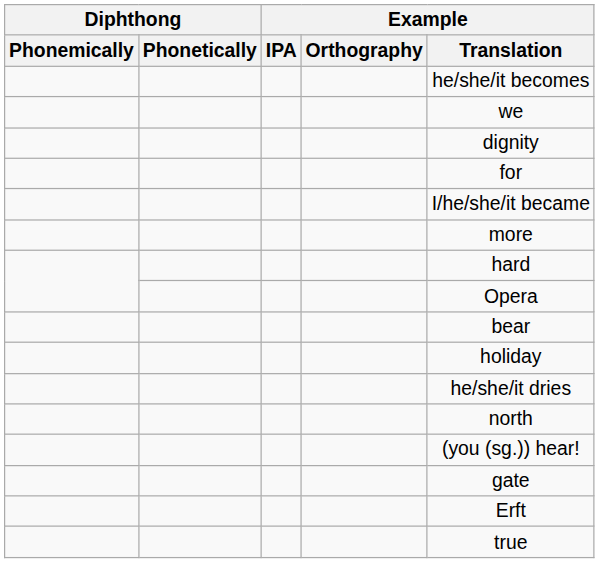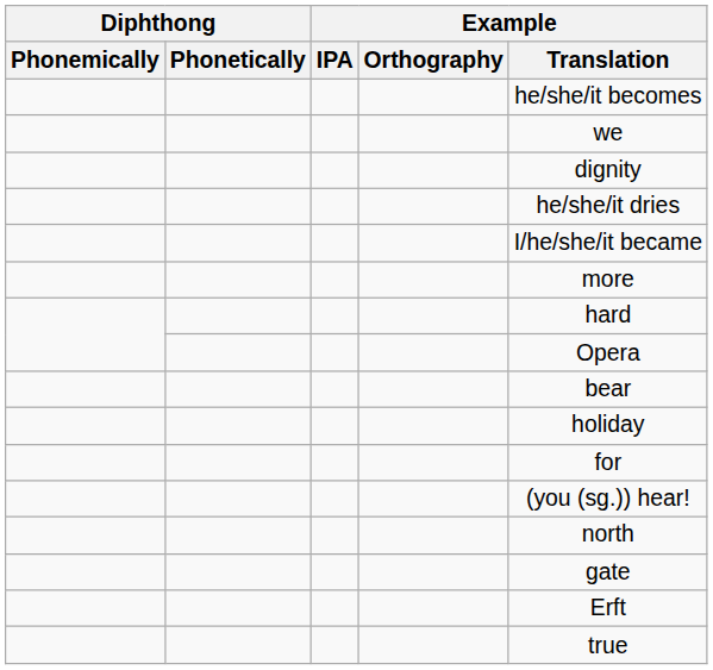 <table class="wikitable" style="text-align: center;">
 <tr>
 <th colspan="2">Diphthong</th>
 <th colspan="3">Example</th>
 </tr>
 <tr>
 <th>Phonemically</th>
 <th>Phonetically</th>
 <th>IPA</th>
 <th>Orthography</th>
 <th>Translation</th>
 </tr>
 <tr>
 <td></td>
 <td></td>
 <td></td>
 <td></td>
 <td>he/she/it becomes</td>
 </tr>
 <tr>
 <td></td>
 <td></td>
 <td></td>
 <td></td>
 <td>we</td>
 </tr>
 <tr>
 <td></td>
 <td></td>
 <td></td>
 <td></td>
 <td>dignity</td>
 </tr>
 <tr>
 <td></td>
 <td></td>
 <td></td>
 <td></td>
-<td>for</td>
+<td>he/she/it dries</td>
 </tr>
 <tr>
 <td></td>
 <td></td>
 <td></td>
 <td></td>
 <td>I/he/she/it became</td>
 </tr>
 <tr>
 <td></td>
 <td></td>
 <td></td>
 <td></td>
 <td>more</td>
 </tr>
 <tr>
 <td rowspan="2"></td>
 <td></td>
 <td></td>
 <td></td>
 <td>hard</td>
 </tr>
 <tr>
 <td></td>
 <td></td>
 <td></td>
 <td>Opera</td>
 </tr>
 <tr>
 <td></td>
 <td></td>
 <td></td>
 <td></td>
 <td>bear</td>
 </tr>
 <tr>
 <td></td>
 <td></td>
 <td></td>
 <td></td>
 <td>holiday</td>
 </tr>
 <tr>
 <td></td>
 <td></td>
 <td></td>
 <td></td>
-<td>he/she/it dries</td>
+<td>for</td>
+</tr>
+<tr>
+<td></td>
+<td></td>
+<td></td>
+<td></td>
+<td>(you (sg.)) hear!</td>
 </tr>
 <tr>
 <td></td>
 <td></td>
 <td></td>
 <td></td>
 <td>north</td>
-</tr>
-<tr>
-<td></td>
-<td></td>
-<td></td>
-<td></td>
-<td>(you (sg.)) hear!</td>
 </tr>
 <tr>
 <td></td>
 <td></td>
 <td></td>
 <td></td>
 <td>gate</td>
 </tr>
 <tr>
 <td></td>
 <td></td>
 <td></td>
 <td></td>
 <td>Erft</td>
 </tr>
 <tr>
 <td></td>
 <td></td>
 <td></td>
 <td></td>
 <td>true</td>
 </tr>
 </table>
